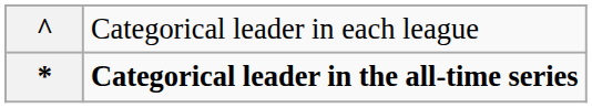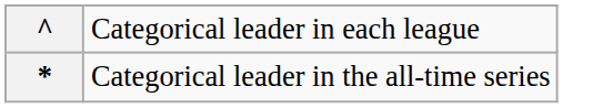 <table class="wikitable plainrowheaders" style="font-size:85%">
 <tr>
 <th scope="row" style="text-align:center" col width="30px">^</th>
 <td>Categorical leader in each league</td>
 </tr>
 <tr>
 <th scope="row" style="text-align:center" col width="30px">*</th>
-<td><strong>Categorical leader in the all-time series</strong></td>
+<td>Categorical leader in the all-time series</td>
 </tr>
 </table>
